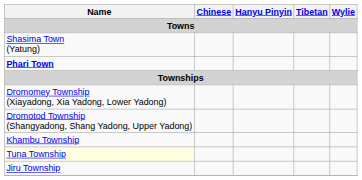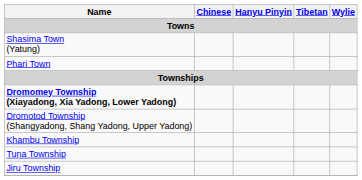 <table class="wikitable"  style="font-size:90%;" align=center>
 <tr>
 <th>Name</th>
 <th><a href='#'>Chinese</a></th>
 <th><a href='#'>Hanyu Pinyin</a></th>
 <th><a href='#'>Tibetan</a></th>
 <th><a href='#'>Wylie</a></th>
 </tr>
 <tr --------->
 <td colspan="7"  style="text-align:center; background:#d3d3d3;"><strong>Towns</strong></td>
 </tr>
 <tr --------->
 <td><a href='#'>Shasima Town</a><br>(Yatung)</td>
 <td></td>
 <td></td>
 <td></td>
 <td></td>
 </tr>
 <tr>
-<td><strong><a href='#'>Phari Town</a></strong></td>
+<td><a href='#'>Phari Town</a></td>
 <td></td>
 <td></td>
 <td></td>
 <td></td>
 </tr>
 <tr --------->
 <td colspan="7"  style="text-align:center; background:#d3d3d3;"><strong>Townships</strong></td>
 </tr>
 <tr --------->
-<td><a href='#'>Dromomey Township</a><br>(Xiayadong, Xia Yadong, Lower Yadong)</td>
+<td><strong><a href='#'>Dromomey Township</a><br>(Xiayadong, Xia Yadong, Lower Yadong)</strong></td>
 <td></td>
 <td></td>
 <td></td>
 <td></td>
 </tr>
 <tr>
 <td><a href='#'>Dromotod Township</a><br>(Shangyadong, Shang Yadong, Upper Yadong)</td>
 <td></td>
 <td></td>
 <td></td>
 <td></td>
 </tr>
 <tr>
 <td><a href='#'>Khambu Township</a></td>
 <td></td>
 <td></td>
 <td></td>
 <td></td>
 </tr>
 <tr>
-<td style="background: lightyellow;"><a href='#'>Tuna Township</a></td>
+<td><a href='#'>Tuna Township</a></td>
 <td></td>
 <td></td>
 <td></td>
 <td></td>
 </tr>
 <tr>
 <td><a href='#'>Jiru Township</a></td>
 <td></td>
 <td></td>
 <td></td>
 <td></td>
 </tr>
 <tr>
 </tr>
 </table>
